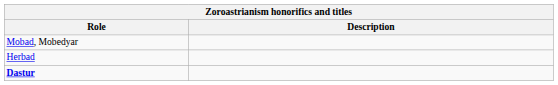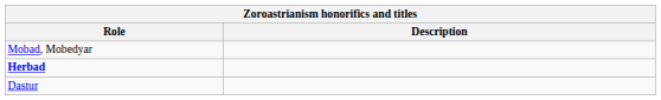 <table class="wikitable">
 <tr>
 <th style="text-align:center;" colspan="6"><strong>Zoroastrianism honorifics and titles</strong></th>
 </tr>
 <tr>
 <th scope="col" style="width:300px;">Role</th>
 <th scope="col" style="width:600px;">Description</th>
 </tr>
 <tr>
 <td><a href='#'>Mobad</a>, Mobedyar</td>
 <td></td>
 </tr>
 <tr>
-<td><a href='#'>Herbad</a></td>
+<td><strong><a href='#'>Herbad</a></strong></td>
 <td></td>
 </tr>
 <tr>
-<td><strong><a href='#'>Dastur</a></strong></td>
+<td><a href='#'>Dastur</a></td>
 <td></td>
 </tr>
 </table>
